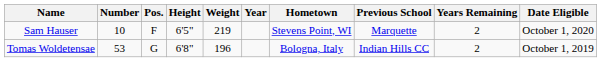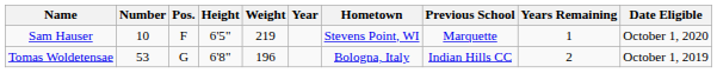 <table class="wikitable sortable sortable" style="text-align: center">
 <tr align=center>
 <th>Name</th>
 <th>Number</th>
 <th>Pos.</th>
 <th>Height</th>
 <th>Weight</th>
 <th>Year</th>
 <th>Hometown</th>
 <th>Previous School</th>
 <th>Years Remaining</th>
 <th>Date Eligible</th>
 </tr>
 <tr>
 <td><a href='#'>Sam Hauser</a></td>
 <td>10</td>
 <td>F</td>
 <td>6'5"</td>
 <td>219</td>
 <td></td>
 <td><a href='#'>Stevens Point, WI</a></td>
 <td><a href='#'>Marquette</a></td>
-<td>2</td>
+<td>1</td>
 <td>October 1, 2020</td>
 </tr>
 <tr>
 <td><a href='#'>Tomas Woldetensae</a></td>
 <td>53</td>
 <td>G</td>
 <td>6'8"</td>
 <td>196</td>
 <td></td>
 <td><a href='#'>Bologna, Italy</a></td>
 <td><a href='#'>Indian Hills CC</a></td>
 <td>2</td>
 <td>October 1, 2019</td>
 </tr>
 </table>
